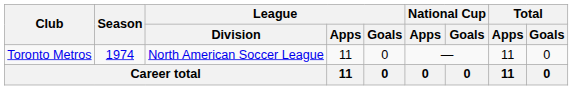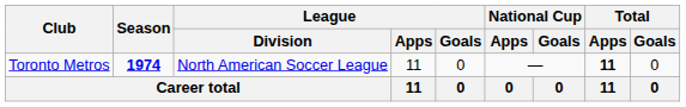 <table class="wikitable" style="text-align: center;">
 <tr>
 <th rowspan="2">Club</th>
 <th rowspan="2">Season</th>
 <th colspan="3">League</th>
 <th colspan="2">National Cup</th>
 <th colspan="2">Total</th>
 </tr>
 <tr>
 <th>Division</th>
 <th>Apps</th>
 <th>Goals</th>
 <th>Apps</th>
 <th>Goals</th>
 <th>Apps</th>
 <th>Goals</th>
 </tr>
 <tr>
 <td><a href='#'>Toronto Metros</a></td>
-<td><a href='#'>1974</a></td>
+<td><strong><a href='#'>1974</a></strong></td>
 <td><a href='#'>North American Soccer League</a></td>
 <td>11</td>
 <td>0</td>
 <td colspan="2">—</td>
-<td>11</td>
+<td><strong>11</strong></td>
 <td>0</td>
 </tr>
 <tr>
 <th colspan="3">Career total</th>
 <th>11</th>
 <th>0</th>
 <th>0</th>
 <th>0</th>
 <th>11</th>
 <th>0</th>
 </tr>
 </table>
